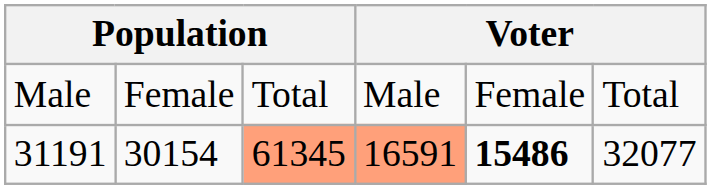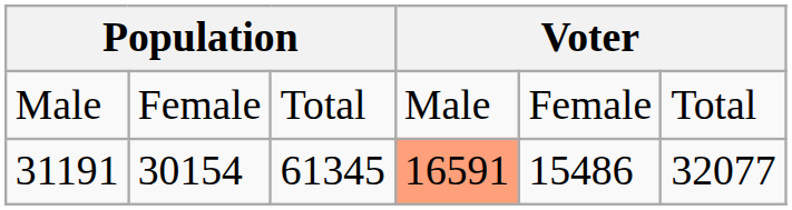 <table class="wikitable">
 <tr>
 <th colspan="3">Population</th>
 <th colspan="3">Voter</th>
 </tr>
 <tr>
 <td>Male</td>
 <td>Female</td>
 <td>Total</td>
 <td>Male</td>
 <td>Female</td>
 <td>Total</td>
 </tr>
 <tr>
 <td>31191</td>
 <td>30154</td>
-<td style="background: lightsalmon;">61345</td>
+<td>61345</td>
 <td style="background: lightsalmon;">16591</td>
-<td><strong>15486</strong></td>
+<td>15486</td>
 <td>32077</td>
 </tr>
 </table>
